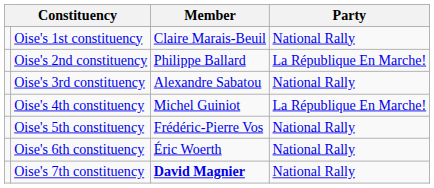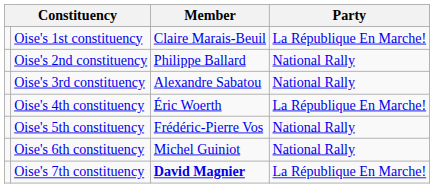 <table class="wikitable">
 <tr>
 <th colspan="2">Constituency</th>
 <th>Member</th>
 <th>Party</th>
 </tr>
 <tr>
 <td style="background-color: "></td>
 <td><a href='#'>Oise's 1st constituency</a></td>
 <td><a href='#'>Claire Marais-Beuil</a></td>
-<td><a href='#'>National Rally</a></td>
+<td><a href='#'>La République En Marche!</a></td>
 </tr>
 <tr>
 <td style="background-color: "></td>
 <td><a href='#'>Oise's 2nd constituency</a></td>
 <td><a href='#'>Philippe Ballard</a></td>
-<td><a href='#'>La République En Marche!</a></td>
+<td><a href='#'>National Rally</a></td>
 </tr>
 <tr>
 <td style="background-color: "></td>
 <td><a href='#'>Oise's 3rd constituency</a></td>
 <td><a href='#'>Alexandre Sabatou</a></td>
 <td><a href='#'>National Rally</a></td>
 </tr>
 <tr>
 <td style="background-color: "></td>
 <td><a href='#'>Oise's 4th constituency</a></td>
-<td><a href='#'>Michel Guiniot</a></td>
+<td><a href='#'>Éric Woerth</a></td>
 <td><a href='#'>La République En Marche!</a></td>
 </tr>
 <tr>
 <td style="background-color: "></td>
 <td><a href='#'>Oise's 5th constituency</a></td>
 <td><a href='#'>Frédéric-Pierre Vos</a></td>
 <td><a href='#'>National Rally</a></td>
 </tr>
 <tr>
 <td style="background-color: "></td>
 <td><a href='#'>Oise's 6th constituency</a></td>
-<td><a href='#'>Éric Woerth</a></td>
+<td><a href='#'>Michel Guiniot</a></td>
 <td><a href='#'>National Rally</a></td>
 </tr>
 <tr>
 <td style="background-color: "></td>
 <td><a href='#'>Oise's 7th constituency</a></td>
 <td><strong><a href='#'>David Magnier</a></strong></td>
-<td><a href='#'>National Rally</a></td>
+<td><a href='#'>La République En Marche!</a></td>
 </tr>
 </table>
